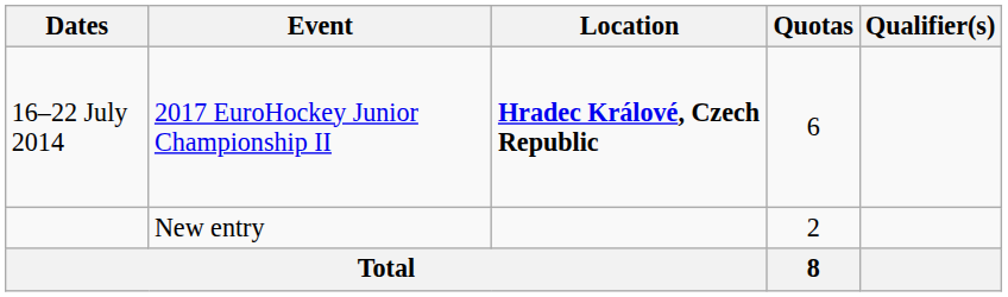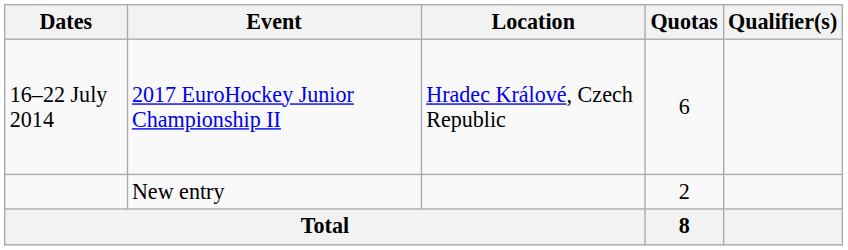 <table class="wikitable">
 <tr>
 <th>Dates</th>
 <th>Event</th>
 <th>Location</th>
 <th>Quotas</th>
 <th>Qualifier(s)</th>
 </tr>
 <tr>
 <td>16–22 July 2014</td>
 <td><a href='#'>2017 EuroHockey Junior Championship II</a></td>
-<td><strong><a href='#'>Hradec Králové</a>, Czech Republic</strong></td>
+<td><a href='#'>Hradec Králové</a>, Czech Republic</td>
 <td align=center>6</td>
 <td><br><br><br><br><br></td>
 </tr>
 <tr>
 <td></td>
 <td>New entry</td>
 <td></td>
 <td align=center>2</td>
 <td><br></td>
 </tr>
 <tr>
 <th colspan=3>Total</th>
 <th>8</th>
 <th></th>
 </tr>
 </table>
